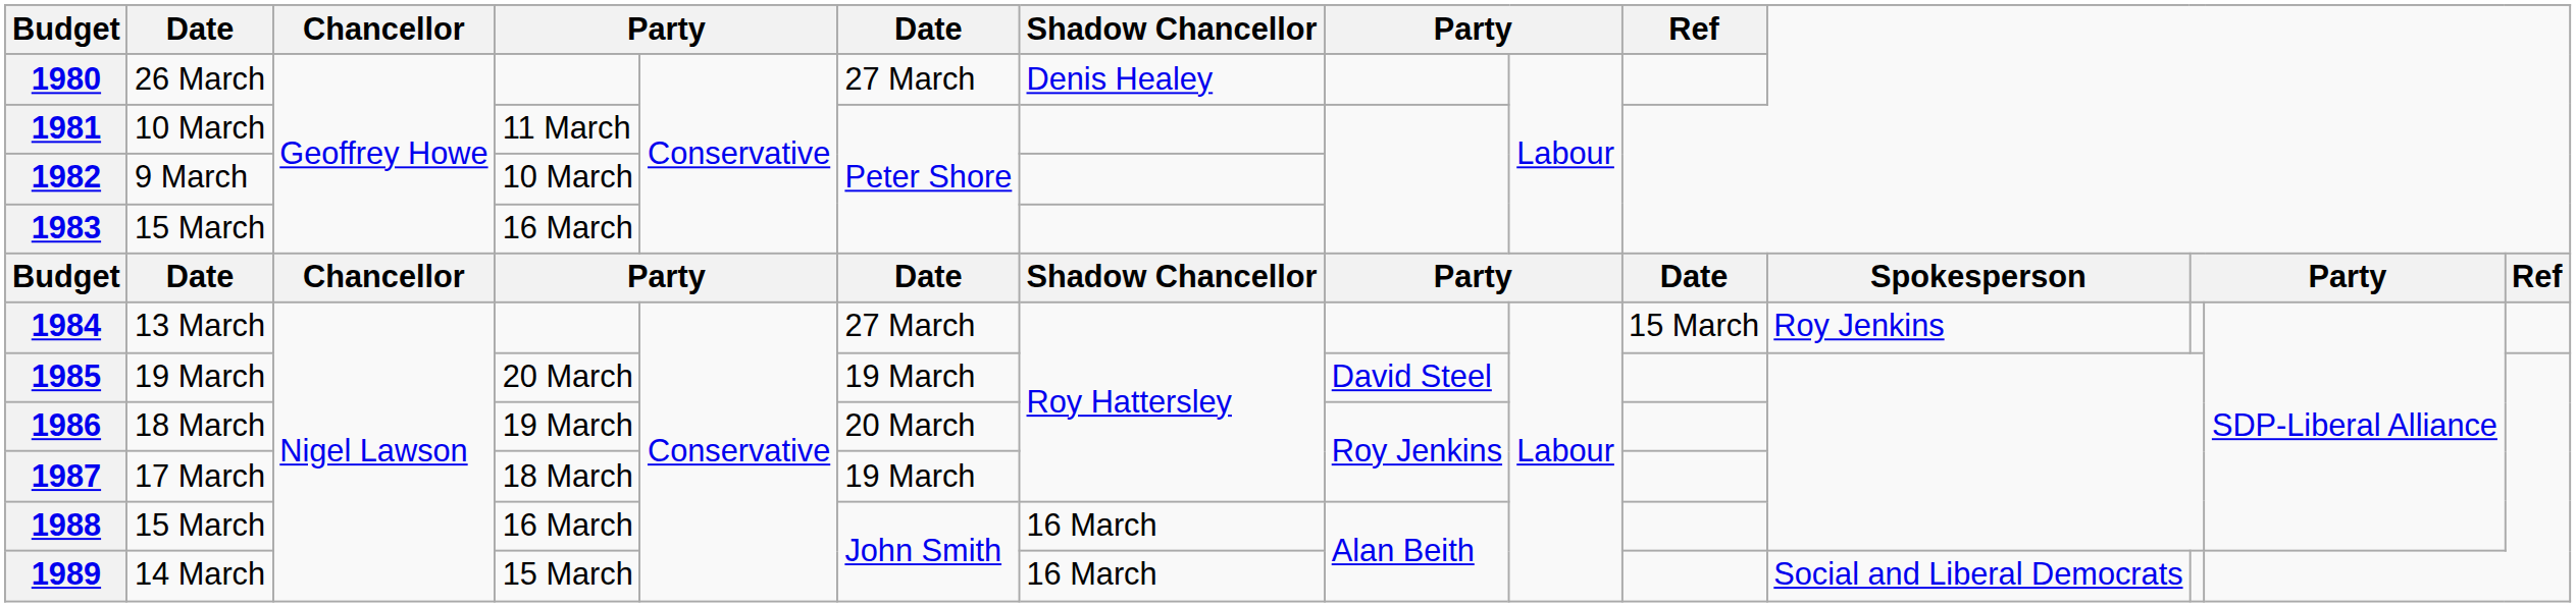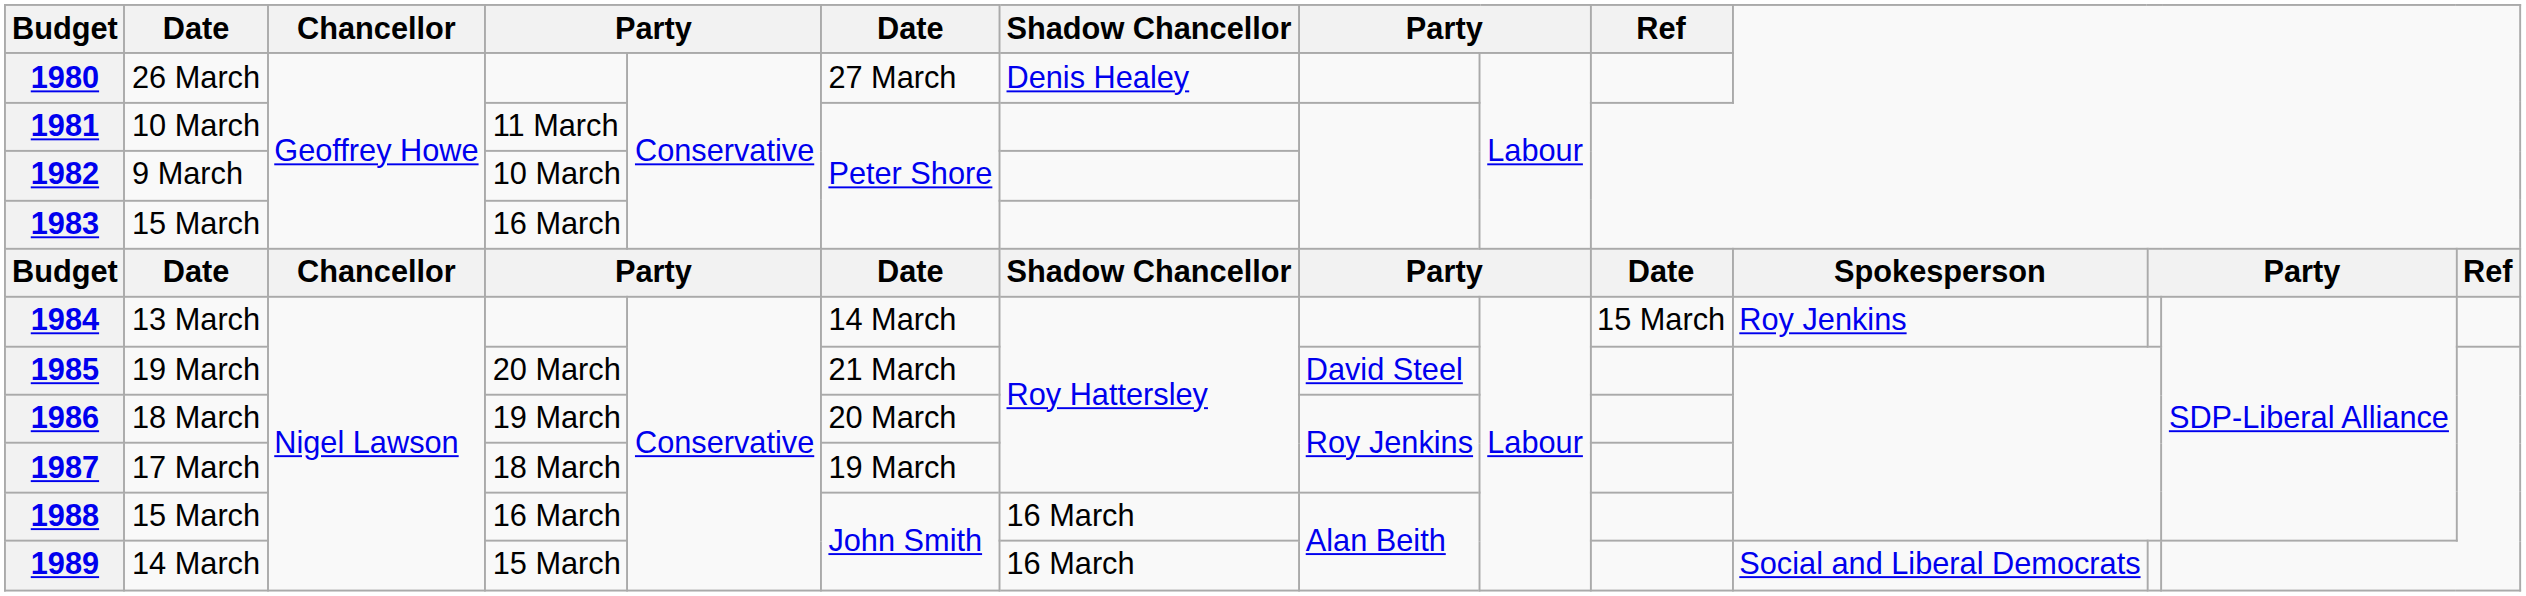 <table class= "wikitable">
 <tr>
 <th scope= "col">Budget</th>
 <th scope= "col">Date</th>
 <th scope= "col">Chancellor</th>
 <th colspan= "2">Party</th>
 <th scope= "col">Date</th>
 <th scope= "col">Shadow Chancellor</th>
 <th colspan= "2">Party</th>
 <th scope= "col">Ref</th>
 </tr>
 <tr>
 <th><a href='#'>1980</a></th>
 <td>26 March</td>
 <td rowspan="4"><a href='#'>Geoffrey Howe</a></td>
 <td style="background-color: "></td>
 <td rowspan= "4"><a href='#'>Conservative</a></td>
 <td>27 March</td>
 <td><a href='#'>Denis Healey</a></td>
 <td style="background-color: "></td>
 <td rowspan= "4"><a href='#'>Labour</a></td>
 <td></td>
 </tr>
 <tr>
 <th><a href='#'>1981</a></th>
 <td>10 March</td>
 <td>11 March</td>
 <td rowspan="3"><a href='#'>Peter Shore</a></td>
 <td></td>
 </tr>
 <tr>
 <th><a href='#'>1982</a></th>
 <td>9 March</td>
 <td>10 March</td>
 <td></td>
 </tr>
 <tr>
 <th><a href='#'>1983</a></th>
 <td>15 March</td>
 <td>16 March</td>
 <td></td>
 </tr>
 <tr>
 <th scope= "col">Budget</th>
 <th scope= "col">Date</th>
 <th scope= "col">Chancellor</th>
 <th colspan= "2">Party</th>
 <th scope= "col">Date</th>
 <th scope= "col">Shadow Chancellor</th>
 <th colspan= "2">Party</th>
 <th scope="col ">Date</th>
 <th scope="col">Spokesperson</th>
 <th colspan="2">Party</th>
 <th scope="col">Ref</th>
 </tr>
 <tr>
 <th><a href='#'>1984</a></th>
 <td>13 March</td>
 <td rowspan="6"><a href='#'>Nigel Lawson</a></td>
 <td style="background-color: "></td>
 <td rowspan= "6"><a href='#'>Conservative</a></td>
-<td>27 March</td>
+<td>14 March</td>
 <td rowspan="4"><a href='#'>Roy Hattersley</a></td>
 <td style="background-color: "></td>
 <td rowspan= "6"><a href='#'>Labour</a></td>
 <td>15 March</td>
 <td><a href='#'>Roy Jenkins</a></td>
 <td style="background-color: "></td>
 <td rowspan= "5"><a href='#'>SDP-Liberal Alliance</a></td>
 <td></td>
 </tr>
 <tr>
 <th><a href='#'>1985</a></th>
 <td>19 March</td>
 <td>20 March</td>
-<td>19 March</td>
+<td>21 March</td>
 <td><a href='#'>David Steel</a></td>
 <td></td>
 </tr>
 <tr>
 <th><a href='#'>1986</a></th>
 <td>18 March</td>
 <td>19 March</td>
 <td>20 March</td>
 <td rowspan="2"><a href='#'>Roy Jenkins</a></td>
 <td></td>
 </tr>
 <tr>
 <th><a href='#'>1987</a></th>
 <td>17 March</td>
 <td>18 March</td>
 <td>19 March</td>
 <td></td>
 </tr>
 <tr>
 <th><a href='#'>1988</a></th>
 <td>15 March</td>
 <td>16 March</td>
 <td rowspan="2"><a href='#'>John Smith</a></td>
 <td>16 March</td>
 <td rowspan="2"><a href='#'>Alan Beith</a></td>
 <td></td>
 </tr>
 <tr>
 <th><a href='#'>1989</a></th>
 <td>14 March</td>
 <td>15 March</td>
 <td>16 March</td>
 <td style="background-color: "></td>
 <td><a href='#'>Social and Liberal Democrats</a></td>
 <td></td>
 </tr>
 </table>
